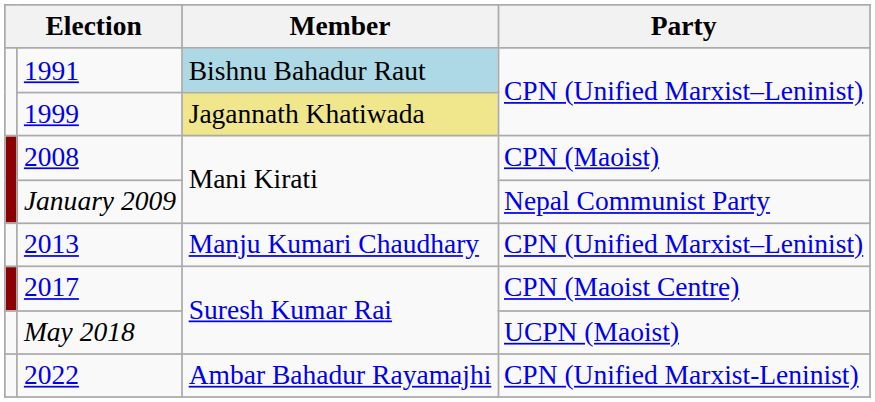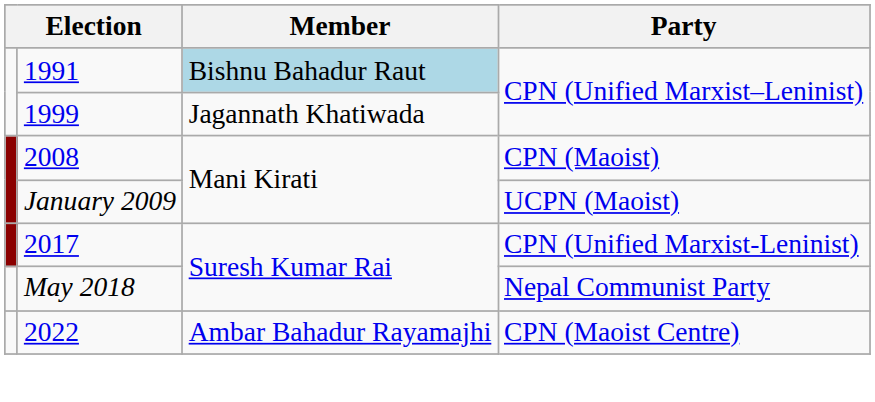 <table class="wikitable">
 <tr>
 <th colspan="2">Election</th>
 <th>Member</th>
 <th>Party</th>
 </tr>
 <tr>
 <td rowspan="2" style="background-color:"></td>
 <td><a href='#'>1991</a></td>
 <td style="background: lightblue;">Bishnu Bahadur Raut</td>
 <td rowspan="2"><a href='#'>CPN (Unified Marxist–Leninist)</a></td>
 </tr>
 <tr>
 <td><a href='#'>1999</a></td>
-<td style="background: khaki;">Jagannath Khatiwada</td>
+<td>Jagannath Khatiwada</td>
 </tr>
 <tr>
 <td rowspan="2" style="background-color:darkred"></td>
 <td><a href='#'>2008</a></td>
 <td rowspan="2">Mani Kirati</td>
 <td><a href='#'>CPN (Maoist)</a></td>
 </tr>
 <tr>
 <td><em>January 2009</em></td>
-<td><a href='#'>Nepal Communist Party</a></td>
-</tr>
-<tr>
-<td style="background-color:"></td>
-<td><a href='#'>2013</a></td>
-<td><a href='#'>Manju Kumari Chaudhary</a></td>
-<td><a href='#'>CPN (Unified Marxist–Leninist)</a></td>
+<td><a href='#'>UCPN (Maoist)</a></td>
 </tr>
 <tr>
 <td style="background-color:darkred"></td>
 <td><a href='#'>2017</a></td>
 <td rowspan="2"><a href='#'>Suresh Kumar Rai</a></td>
-<td><a href='#'>CPN (Maoist Centre)</a></td>
+<td><a href='#'>CPN (Unified Marxist-Leninist)</a></td>
 </tr>
 <tr>
 <td style="background-color:"></td>
 <td><em>May 2018</em></td>
-<td><a href='#'>UCPN (Maoist)</a></td>
+<td><a href='#'>Nepal Communist Party</a></td>
 </tr>
 <tr>
 <td style="background-color:"></td>
 <td><a href='#'>2022</a></td>
 <td><a href='#'>Ambar Bahadur Rayamajhi</a></td>
-<td><a href='#'>CPN (Unified Marxist-Leninist)</a></td>
+<td><a href='#'>CPN (Maoist Centre)</a></td>
 </tr>
 </table>
